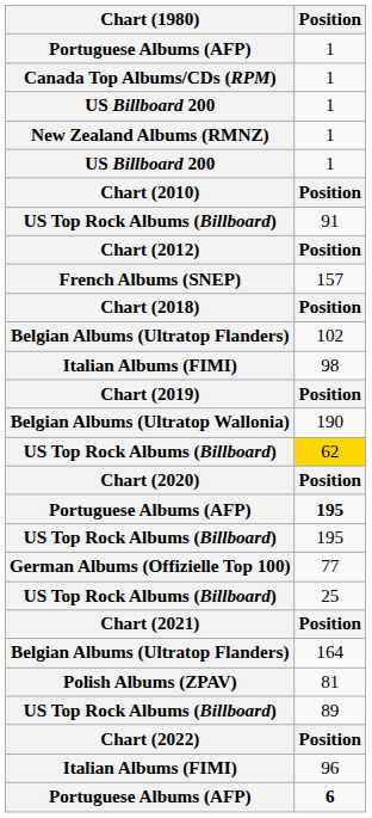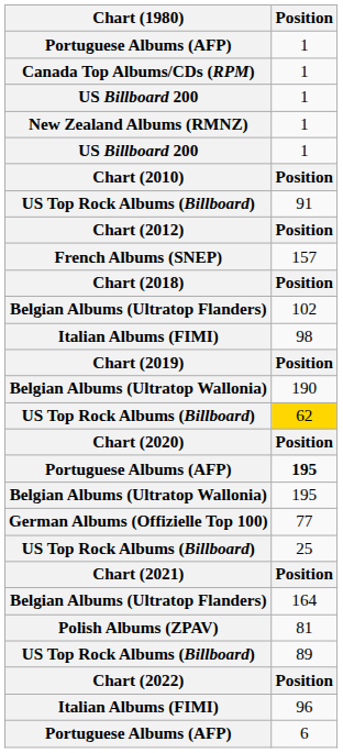 <table class="wikitable plainrowheaders">
 <tr>
 <th>Chart (1980)</th>
 <th>Position</th>
 </tr>
 <tr>
 <th scope="row">Portuguese Albums (AFP)</th>
 <td align="center">1</td>
 </tr>
 <tr>
 <th scope="row">Canada Top Albums/CDs (<em>RPM</em>)</th>
 <td align="center">1</td>
 </tr>
 <tr>
 <th scope="row">US <em>Billboard</em> 200</th>
 <td align="center">1</td>
 </tr>
 <tr>
 <th scope="row">New Zealand Albums (RMNZ)</th>
 <td align="center">1</td>
 </tr>
 <tr>
 <th scope="row">US <em>Billboard</em> 200</th>
 <td align="center">1</td>
 </tr>
 <tr>
 <th>Chart (2010)</th>
 <th>Position</th>
 </tr>
 <tr>
 <th scope="row">US Top Rock Albums (<em>Billboard</em>)</th>
 <td style="text-align:center;">91</td>
 </tr>
 <tr>
 <th>Chart (2012)</th>
 <th>Position</th>
 </tr>
 <tr>
 <th scope="row">French Albums (SNEP)</th>
 <td align="center">157</td>
 </tr>
 <tr>
 <th>Chart (2018)</th>
 <th>Position</th>
 </tr>
 <tr>
 <th scope="row">Belgian Albums (Ultratop Flanders)</th>
 <td style="text-align:center;">102</td>
 </tr>
 <tr>
 <th scope="row">Italian Albums (FIMI)</th>
 <td align="center">98</td>
 </tr>
 <tr>
 <th>Chart (2019)</th>
 <th>Position</th>
 </tr>
 <tr>
 <th scope="row">Belgian Albums (Ultratop Wallonia)</th>
 <td align="center">190</td>
 </tr>
 <tr>
 <th scope="row">US Top Rock Albums (<em>Billboard</em>)</th>
 <td align="center" style="background: gold;">62</td>
 </tr>
 <tr>
 <th>Chart (2020)</th>
 <th>Position</th>
 </tr>
 <tr>
 <th scope="row">Portuguese Albums (AFP)</th>
 <td align="center"><strong>195</strong></td>
 </tr>
 <tr>
-<th scope="row">US Top Rock Albums (<em>Billboard</em>)</th>
+<th scope="row">Belgian Albums (Ultratop Wallonia)</th>
 <td align="center">195</td>
 </tr>
 <tr>
 <th scope="row">German Albums (Offizielle Top 100)</th>
 <td align="center">77</td>
 </tr>
 <tr>
 <th scope="row">US Top Rock Albums (<em>Billboard</em>)</th>
 <td align="center">25</td>
 </tr>
 <tr>
 <th>Chart (2021)</th>
 <th>Position</th>
 </tr>
 <tr>
 <th scope="row">Belgian Albums (Ultratop Flanders)</th>
 <td align="center">164</td>
 </tr>
 <tr>
 <th scope="row">Polish Albums (ZPAV)</th>
 <td align="center">81</td>
 </tr>
 <tr>
 <th scope="row">US Top Rock Albums (<em>Billboard</em>)</th>
 <td align="center">89</td>
 </tr>
 <tr>
 <th>Chart (2022)</th>
 <th>Position</th>
 </tr>
 <tr>
 <th scope="row">Italian Albums (FIMI)</th>
 <td align="center">96</td>
 </tr>
 <tr>
 <th scope="row">Portuguese Albums (AFP)</th>
-<td align="center"><strong>6</strong></td>
+<td align="center">6</td>
 </tr>
 </table>
